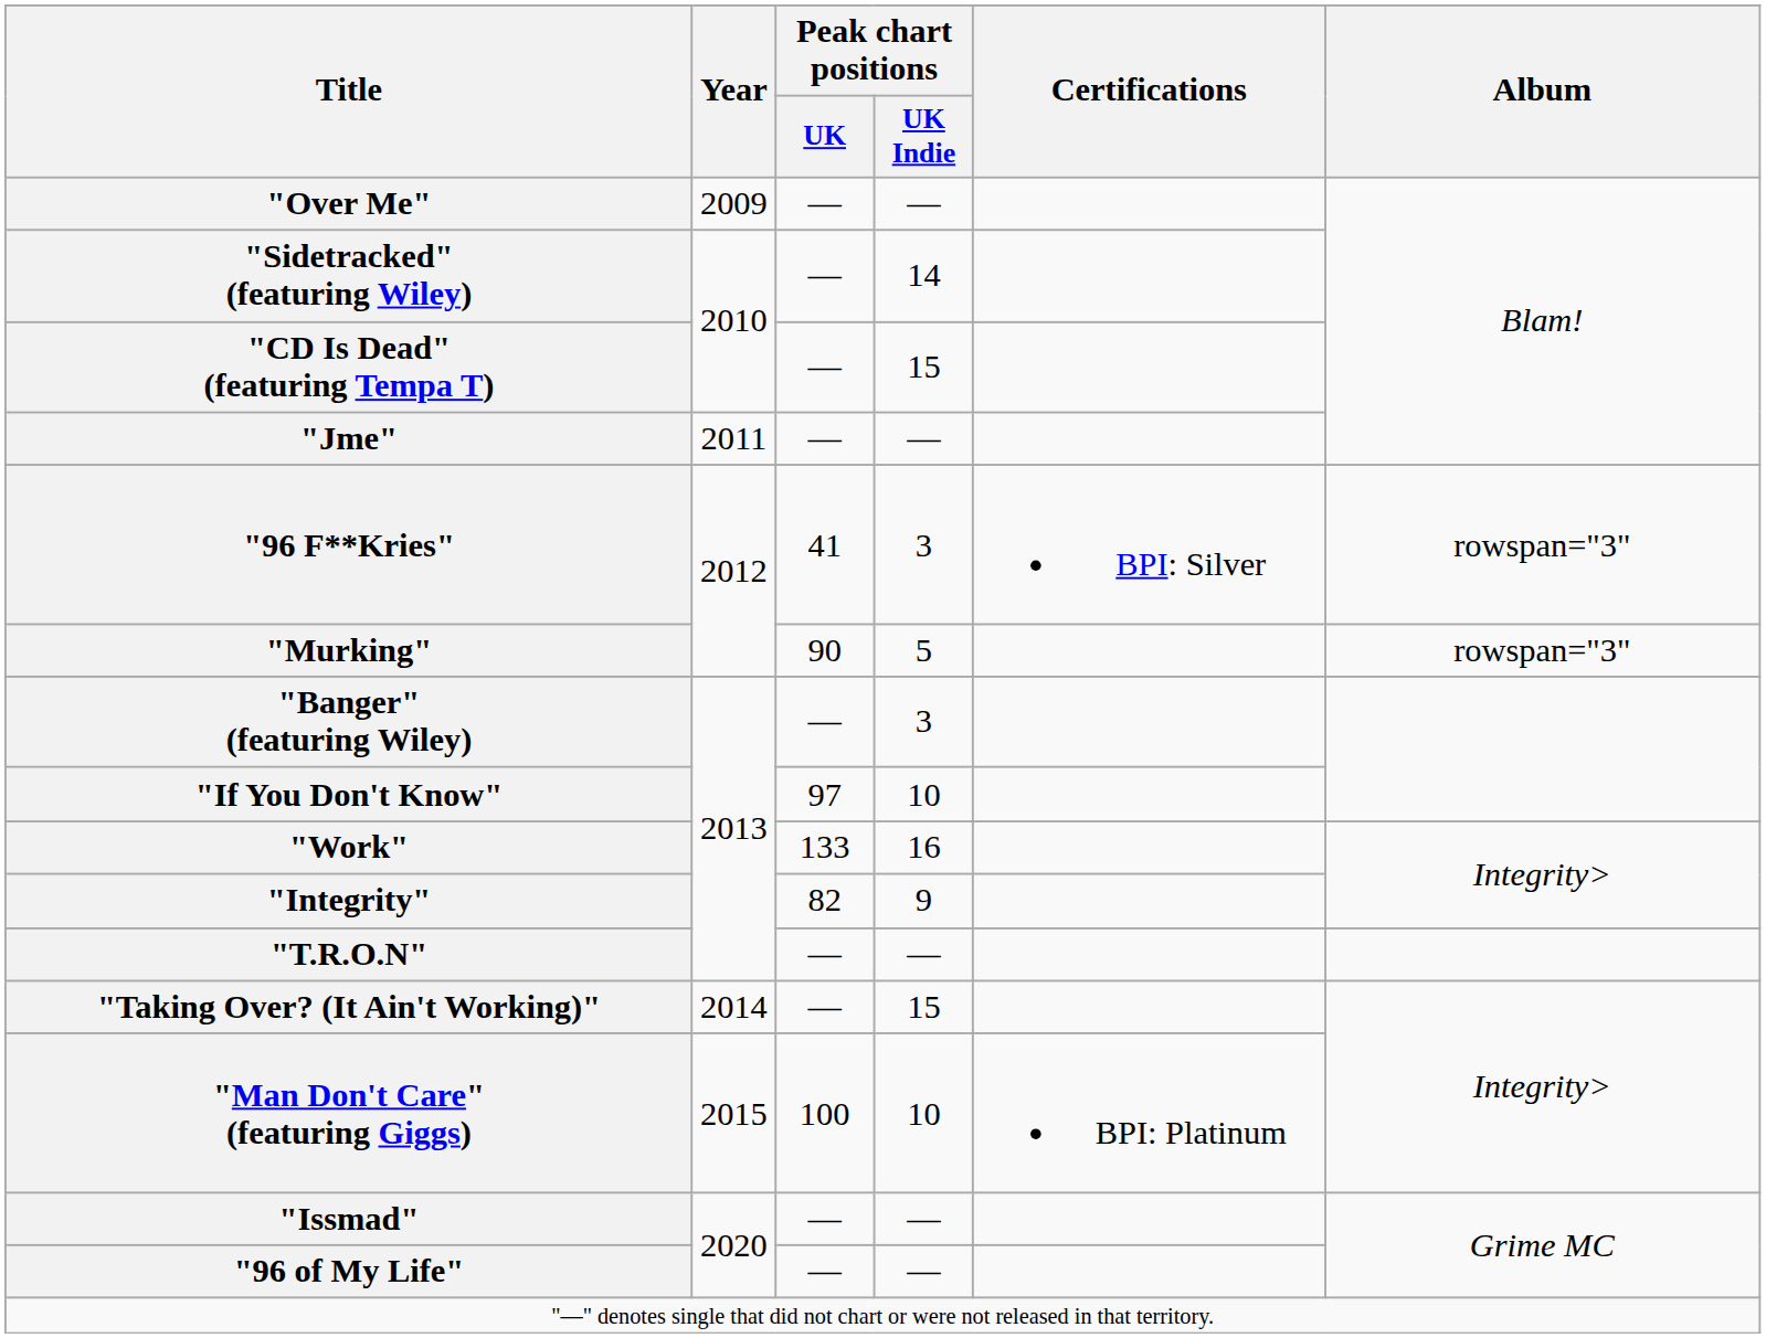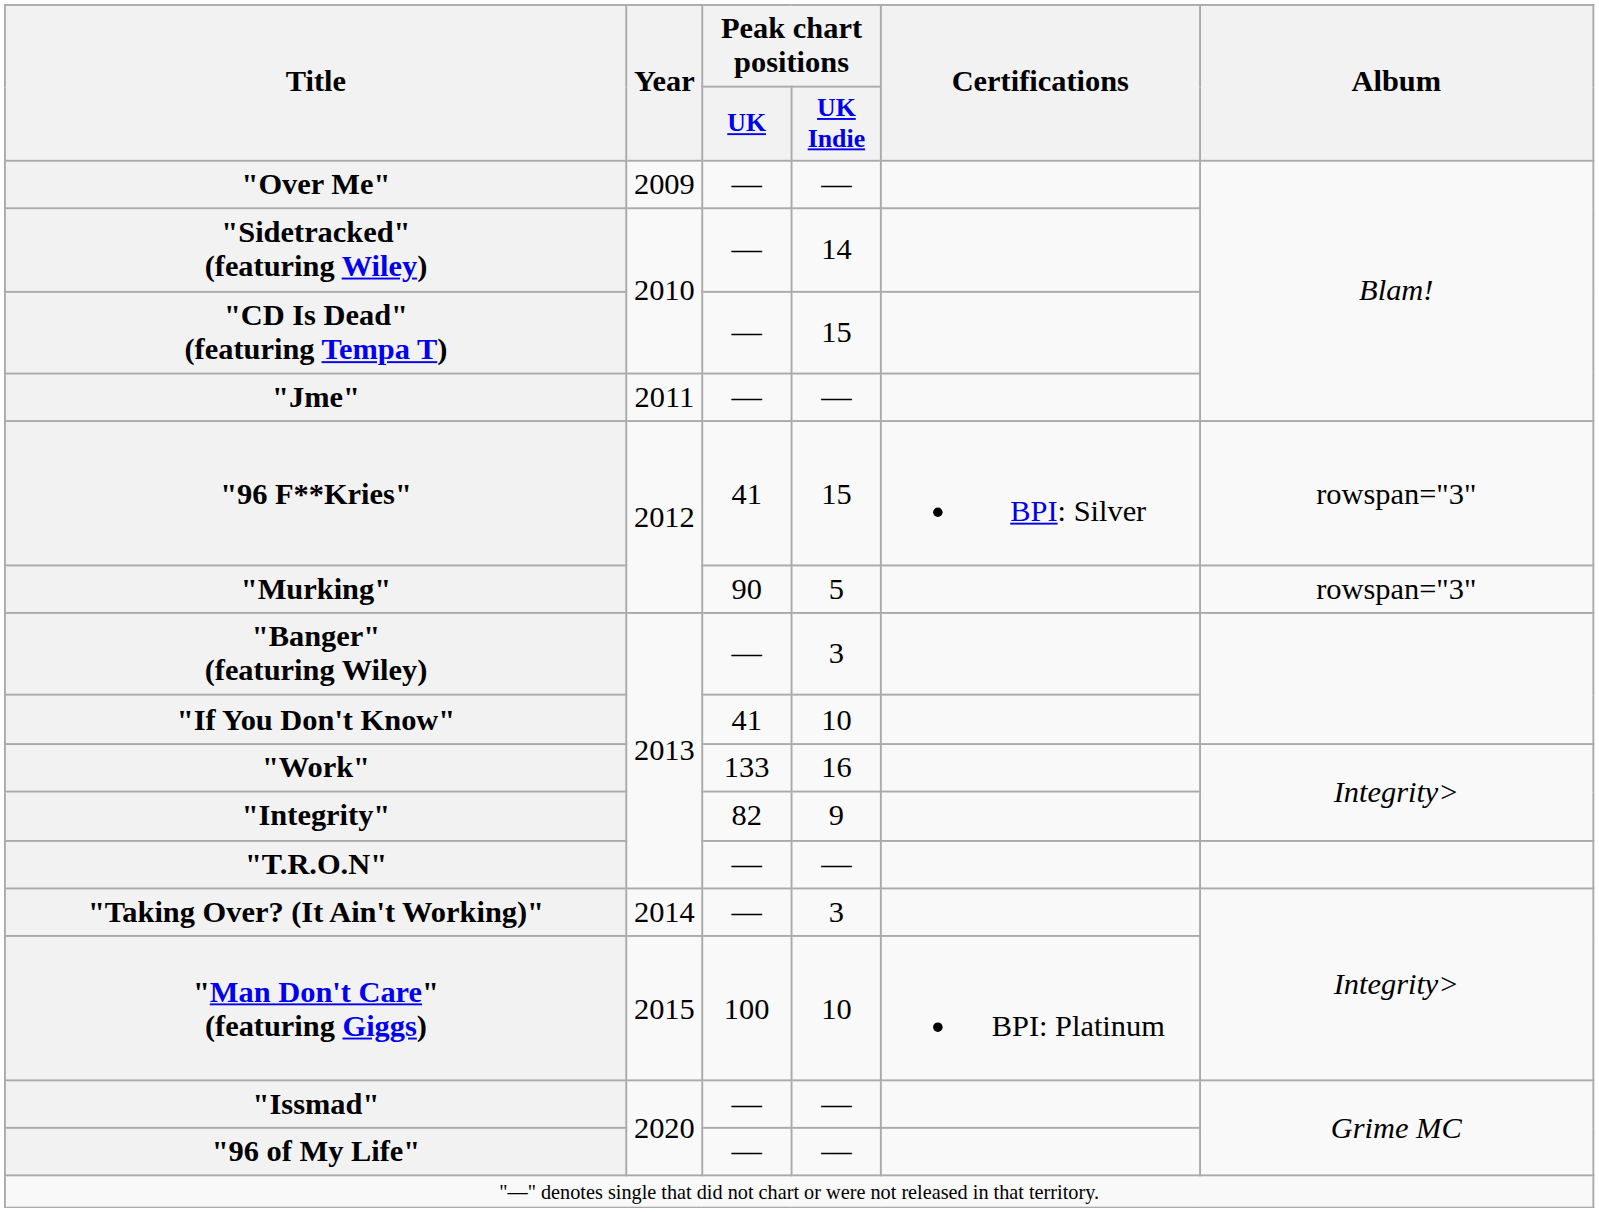 <table class="wikitable plainrowheaders" style="text-align:center;">
 <tr>
 <th scope="col" rowspan="2" style="width:20em;">Title</th>
 <th scope="col" rowspan="2" style="width:1em;">Year</th>
 <th scope="col" colspan="2">Peak chart positions</th>
 <th scope="col" rowspan="2" style="width:10em;">Certifications</th>
 <th scope="col" rowspan="2" style="width:12.5em;">Album</th>
 </tr>
 <tr>
 <th scope="col" style="width:3em;font-size:85%;"><a href='#'>UK</a><br></th>
 <th scope="col" style="width:3em;font-size:85%;"><a href='#'>UK<br>Indie</a><br></th>
 </tr>
 <tr>
 <th scope="row">"Over Me"</th>
 <td>2009</td>
 <td>—</td>
 <td>—</td>
 <td></td>
 <td rowspan="4"><em>Blam!</em></td>
 </tr>
 <tr>
 <th scope="row">"Sidetracked"<br><span>(featuring <a href='#'>Wiley</a>)</span></th>
 <td rowspan="2">2010</td>
 <td>—</td>
 <td>14</td>
 <td></td>
 </tr>
 <tr>
 <th scope="row">"CD Is Dead"<br><span>(featuring <a href='#'>Tempa T</a>)</span></th>
 <td>—</td>
 <td>15</td>
 <td></td>
 </tr>
 <tr>
 <th scope="row">"Jme"</th>
 <td>2011</td>
 <td>—</td>
 <td>—</td>
 <td></td>
 </tr>
 <tr>
 <th scope="row">"96 F**Kries"</th>
 <td rowspan="2">2012</td>
 <td>41</td>
-<td>3</td>
+<td>15</td>
 <td><br><ul><li><a href='#'>BPI</a>: Silver</li></ul></td>
 <td>rowspan="3" </td>
 </tr>
 <tr>
 <th scope="row">"Murking"</th>
 <td>90</td>
 <td>5</td>
 <td></td>
 <td>rowspan="3" </td>
 </tr>
 <tr>
 <th scope="row">"Banger"<br><span>(featuring Wiley)</span></th>
 <td rowspan="5">2013</td>
 <td>—</td>
 <td>3</td>
 <td></td>
 </tr>
 <tr>
 <th scope="row">"If You Don't Know"</th>
-<td>97</td>
+<td>41</td>
 <td>10</td>
 <td></td>
 </tr>
 <tr>
 <th scope="row">"Work"</th>
 <td>133</td>
 <td>16</td>
 <td></td>
 <td rowspan="2"><em>Integrity></em></td>
 </tr>
 <tr>
 <th scope="row">"Integrity"</th>
 <td>82</td>
 <td>9</td>
 <td></td>
 </tr>
 <tr>
 <th scope="row">"T.R.O.N"</th>
 <td>—</td>
 <td>—</td>
 <td></td>
 <td></td>
 </tr>
 <tr>
 <th scope="row">"Taking Over? (It Ain't Working)"</th>
 <td>2014</td>
 <td>—</td>
-<td>15</td>
+<td>3</td>
 <td></td>
 <td rowspan="2"><em>Integrity></em></td>
 </tr>
 <tr>
 <th scope="row">"<a href='#'>Man Don't Care</a>"<br><span>(featuring <a href='#'>Giggs</a>)</span></th>
 <td>2015</td>
 <td>100</td>
 <td>10</td>
 <td><br><ul><li>BPI: Platinum</li></ul></td>
 </tr>
 <tr>
 <th scope="row">"Issmad"</th>
 <td rowspan="2">2020</td>
 <td>—</td>
 <td>—</td>
 <td></td>
 <td rowspan="2"><em>Grime MC</em></td>
 </tr>
 <tr>
 <th scope="row">"96 of My Life"</th>
 <td>—</td>
 <td>—</td>
 <td></td>
 </tr>
 <tr>
 <td colspan="6" style="text-align:center; font-size:8pt;">"—" denotes single that did not chart or were not released in that territory.</td>
 </tr>
 </table>
